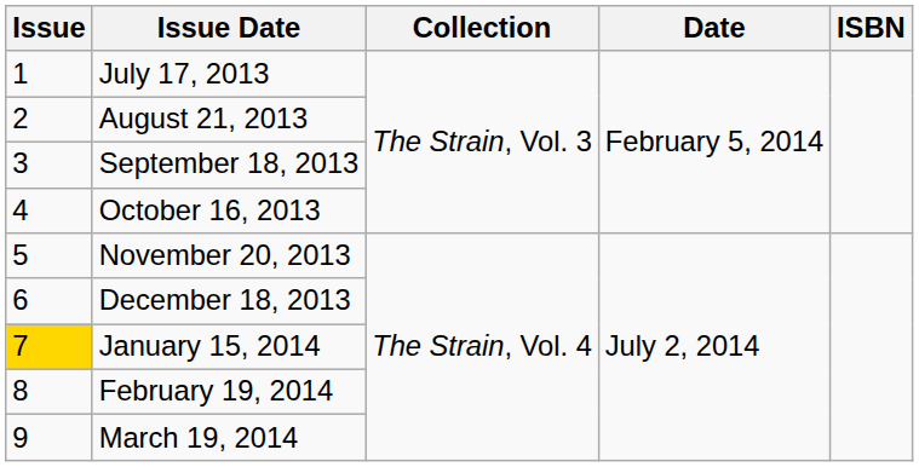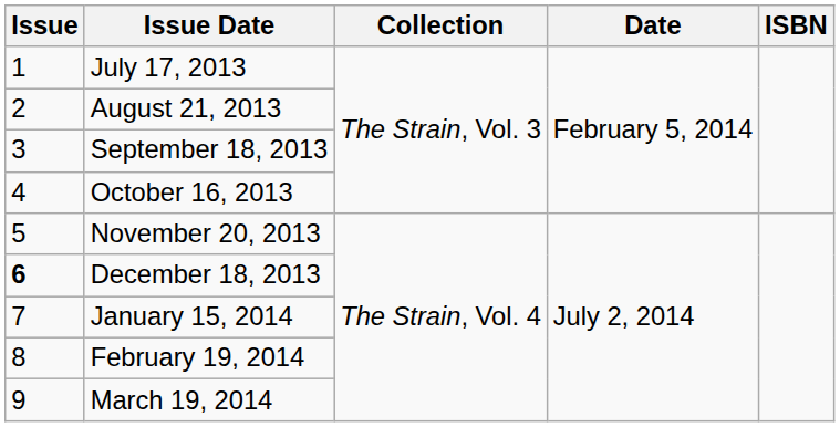 <table class="wikitable">
 <tr>
 <th>Issue</th>
 <th>Issue Date</th>
 <th>Collection</th>
 <th>Date</th>
 <th>ISBN</th>
 </tr>
 <tr>
 <td>1</td>
 <td>July 17, 2013</td>
 <td rowspan="4"><em>The Strain</em>, Vol. 3</td>
 <td rowspan="4">February 5, 2014</td>
 <td rowspan="4"></td>
 </tr>
 <tr>
 <td>2</td>
 <td>August 21, 2013</td>
 </tr>
 <tr>
 <td>3</td>
 <td>September 18, 2013</td>
 </tr>
 <tr>
 <td>4</td>
 <td>October 16, 2013</td>
 </tr>
 <tr>
 <td>5</td>
 <td>November 20, 2013</td>
 <td rowspan="5"><em>The Strain</em>, Vol. 4</td>
 <td rowspan="5">July 2, 2014</td>
 <td rowspan="5"></td>
 </tr>
 <tr>
-<td>6</td>
+<td><strong>6</strong></td>
 <td>December 18, 2013</td>
 </tr>
 <tr>
-<td style="background: gold;">7</td>
+<td>7</td>
 <td>January 15, 2014</td>
 </tr>
 <tr>
 <td>8</td>
 <td>February 19, 2014</td>
 </tr>
 <tr>
 <td>9</td>
 <td>March 19, 2014</td>
 </tr>
 </table>
